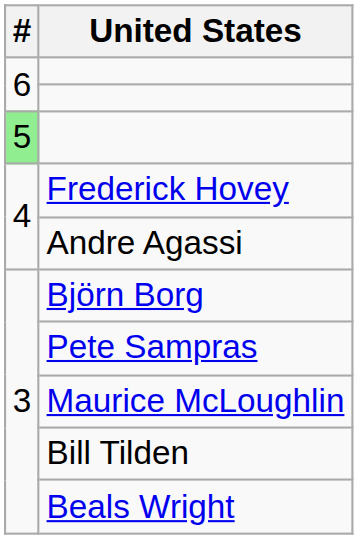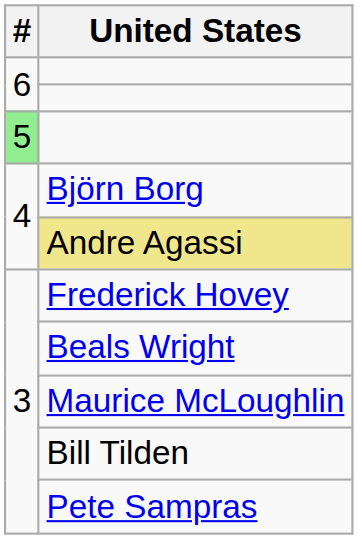 <table class=wikitable style="display:inline-table;">
 <tr>
 <th>#</th>
 <th>United States</th>
 </tr>
 <tr>
 <td rowspan="2">6</td>
 <td></td>
 </tr>
 <tr>
 <td></td>
 </tr>
 <tr>
 <td style="background: lightgreen;">5</td>
 <td></td>
 </tr>
 <tr>
 <td rowspan="2">4</td>
+<td> <a href='#'>Björn Borg</a></td>
+</tr>
+<tr>
+<td style="background: khaki;"> Andre Agassi</td>
+</tr>
+<tr>
+<td rowspan="5">3</td>
 <td> <a href='#'>Frederick Hovey</a></td>
 </tr>
 <tr>
-<td> Andre Agassi</td>
-</tr>
-<tr>
-<td rowspan="5">3</td>
-<td> <a href='#'>Björn Borg</a></td>
-</tr>
-<tr>
-<td> <a href='#'>Pete Sampras</a></td>
+<td> <a href='#'>Beals Wright</a></td>
 </tr>
 <tr>
 <td> <a href='#'>Maurice McLoughlin</a></td>
 </tr>
 <tr>
 <td> Bill Tilden</td>
 </tr>
 <tr>
-<td> <a href='#'>Beals Wright</a></td>
+<td> <a href='#'>Pete Sampras</a></td>
 </tr>
 </table>
